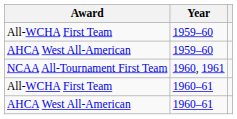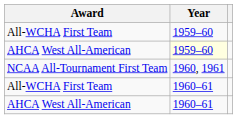 <table class="wikitable">
 <tr>
 <th>Award</th>
 <th>Year</th>
 <th></th>
 </tr>
 <tr>
 <td>All-<a href='#'>WCHA</a> <a href='#'>First Team</a></td>
 <td><a href='#'>1959–60</a></td>
 <td></td>
 </tr>
 <tr>
 <td><a href='#'>AHCA</a> <a href='#'>West All-American</a></td>
-<td><a href='#'>1959–60</a></td>
+<td style="background: lightyellow;"><a href='#'>1959–60</a></td>
 <td></td>
 </tr>
 <tr>
 <td><a href='#'>NCAA</a> <a href='#'>All-Tournament First Team</a></td>
 <td><a href='#'>1960</a>, <a href='#'>1961</a></td>
 <td></td>
 </tr>
 <tr>
 <td>All-<a href='#'>WCHA</a> <a href='#'>First Team</a></td>
 <td><a href='#'>1960–61</a></td>
 <td></td>
 </tr>
 <tr>
 <td><a href='#'>AHCA</a> <a href='#'>West All-American</a></td>
 <td><a href='#'>1960–61</a></td>
 <td></td>
 </tr>
 </table>
